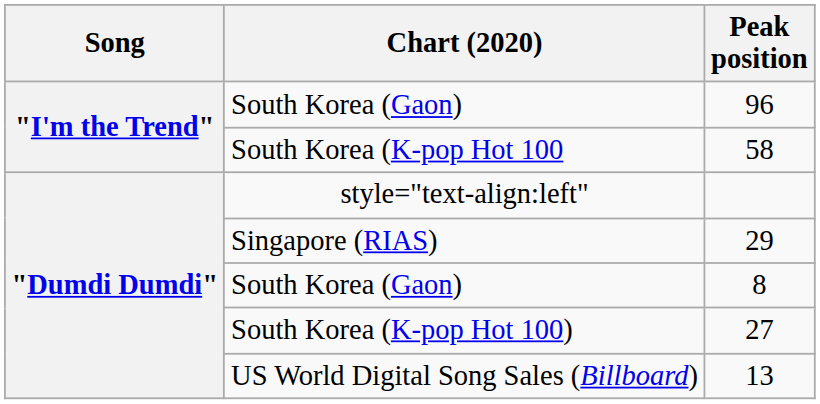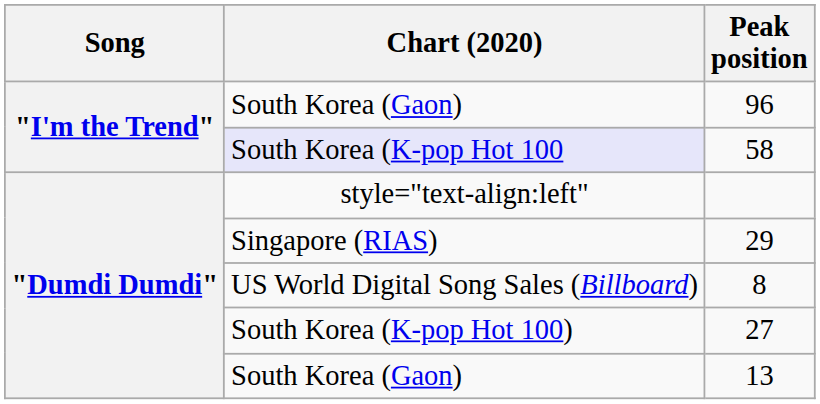 <table class="wikitable plainrowheaders" style="text-align:center">
 <tr>
 <th scope="col">Song</th>
 <th scope="col">Chart (2020)</th>
 <th scope="col">Peak<br>position</th>
 </tr>
 <tr>
 <th scope="row" rowspan="2">"<a href='#'>I'm the Trend</a>"</th>
 <td style="text-align:left">South Korea (<a href='#'>Gaon</a>)</td>
 <td>96</td>
 </tr>
 <tr>
-<td style="text-align:left">South Korea (<a href='#'>K-pop Hot 100</a></td>
+<td style="background: lavender; text-align:left">South Korea (<a href='#'>K-pop Hot 100</a></td>
 <td>58</td>
 </tr>
 <tr>
 <th scope="row" rowspan="5">"<a href='#'>Dumdi Dumdi</a>"</th>
 <td>style="text-align:left" </td>
 </tr>
 <tr>
 <td style="text-align:left">Singapore (<a href='#'>RIAS</a>)</td>
 <td>29</td>
 </tr>
 <tr>
-<td style="text-align:left">South Korea (<a href='#'>Gaon</a>)</td>
+<td style="text-align:left">US World Digital Song Sales (<em><a href='#'>Billboard</a></em>)</td>
 <td>8</td>
 </tr>
 <tr>
 <td style="text-align:left">South Korea (<a href='#'>K-pop Hot 100</a>)</td>
 <td>27</td>
 </tr>
 <tr>
-<td style="text-align:left">US World Digital Song Sales (<em><a href='#'>Billboard</a></em>)</td>
+<td style="text-align:left">South Korea (<a href='#'>Gaon</a>)</td>
 <td>13</td>
 </tr>
 </table>
